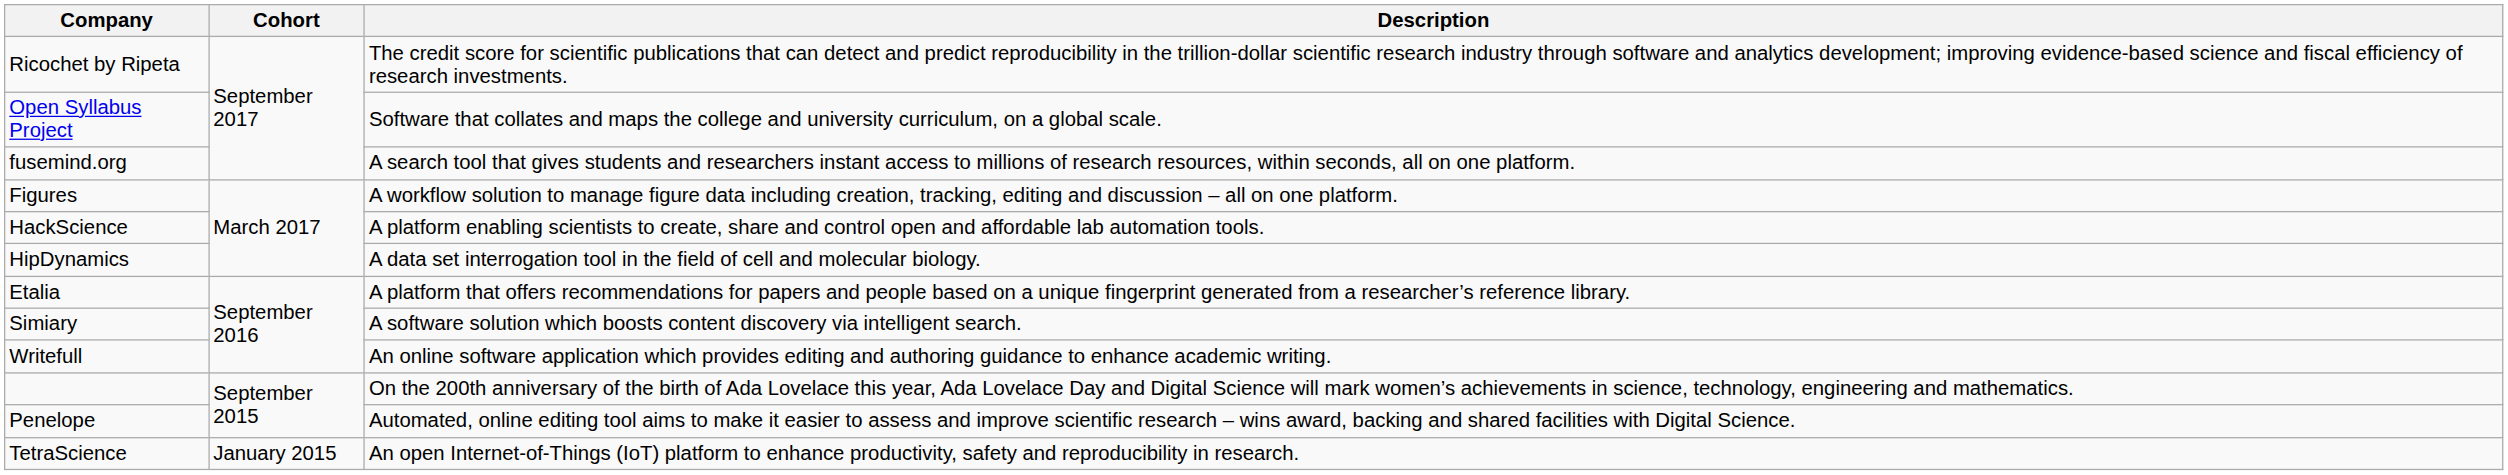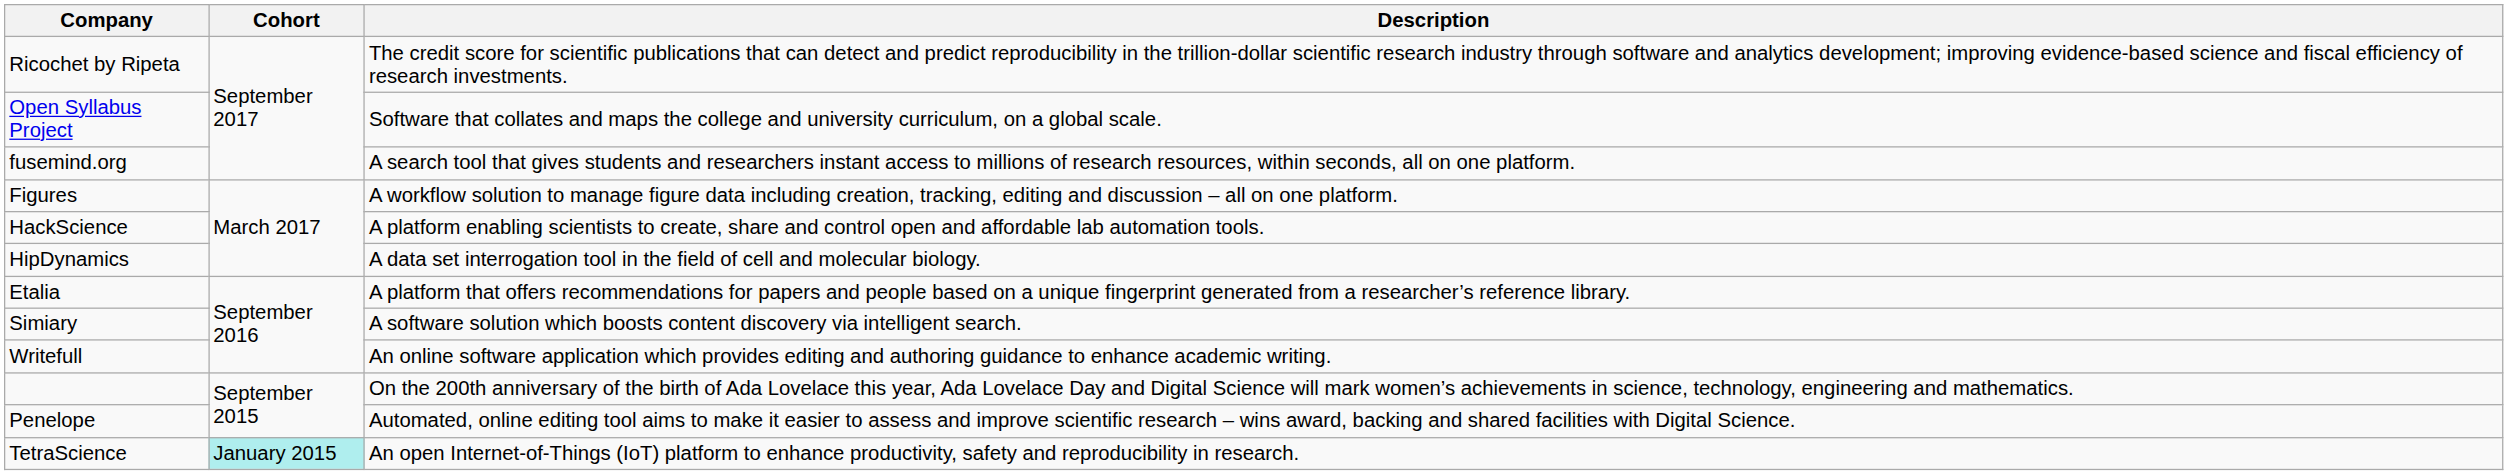 <table class="wikitable">
 <tr>
 <th>Company</th>
 <th>Cohort</th>
 <th>Description</th>
 </tr>
 <tr>
 <td>Ricochet by Ripeta</td>
 <td rowspan="3">September 2017</td>
 <td>The credit score for scientific publications that can detect and predict reproducibility in the trillion-dollar scientific research industry through software and analytics development; improving evidence-based science and fiscal efficiency of research investments.</td>
 </tr>
 <tr>
 <td><a href='#'>Open Syllabus Project</a></td>
 <td>Software that collates and maps the college and university curriculum, on a global scale.</td>
 </tr>
 <tr>
 <td>fusemind.org</td>
 <td>A search tool that gives students and researchers instant access to millions of research resources, within seconds, all on one platform.</td>
 </tr>
 <tr>
 <td>Figures</td>
 <td rowspan="3">March 2017</td>
 <td>A workflow solution to manage figure data including creation, tracking, editing and discussion – all on one platform.</td>
 </tr>
 <tr>
 <td>HackScience</td>
 <td>A platform enabling scientists to create, share and control open and affordable lab automation tools.</td>
 </tr>
 <tr>
 <td>HipDynamics</td>
 <td>A data set interrogation tool in the field of cell and molecular biology.</td>
 </tr>
 <tr>
 <td>Etalia</td>
 <td rowspan="3">September 2016</td>
 <td>A platform that offers recommendations for papers and people based on a unique fingerprint generated from a researcher’s reference library.</td>
 </tr>
 <tr>
 <td>Simiary</td>
 <td>A software solution which boosts content discovery via intelligent search.</td>
 </tr>
 <tr>
 <td>Writefull</td>
 <td>An online software application which provides editing and authoring guidance to  enhance academic writing.</td>
 </tr>
 <tr>
 <td></td>
 <td rowspan="2">September 2015</td>
 <td>On the 200th anniversary of the birth of Ada Lovelace this year, Ada Lovelace Day and Digital Science will mark women’s achievements in science, technology, engineering and mathematics.</td>
 </tr>
 <tr>
 <td>Penelope</td>
 <td>Automated, online editing tool aims to make it easier to assess and improve scientific research – wins award, backing and shared facilities with Digital Science.</td>
 </tr>
 <tr>
 <td>TetraScience</td>
-<td>January 2015</td>
+<td style="background: paleturquoise;">January 2015</td>
 <td>An open Internet-of-Things (IoT) platform to enhance productivity, safety and reproducibility in research.</td>
 </tr>
 </table>
